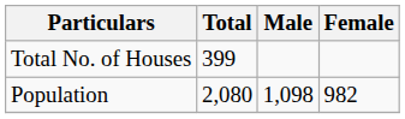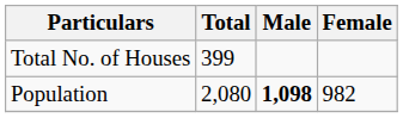 <table class="wikitable sortable">
 <tr>
 <th>Particulars</th>
 <th>Total</th>
 <th>Male</th>
 <th>Female</th>
 </tr>
 <tr>
 <td>Total No. of Houses</td>
 <td>399</td>
 <td></td>
 <td></td>
 </tr>
 <tr>
 <td>Population</td>
 <td>2,080</td>
-<td>1,098</td>
+<td><strong>1,098</strong></td>
 <td>982</td>
 </tr>
 <tr>
 </tr>
 </table>
